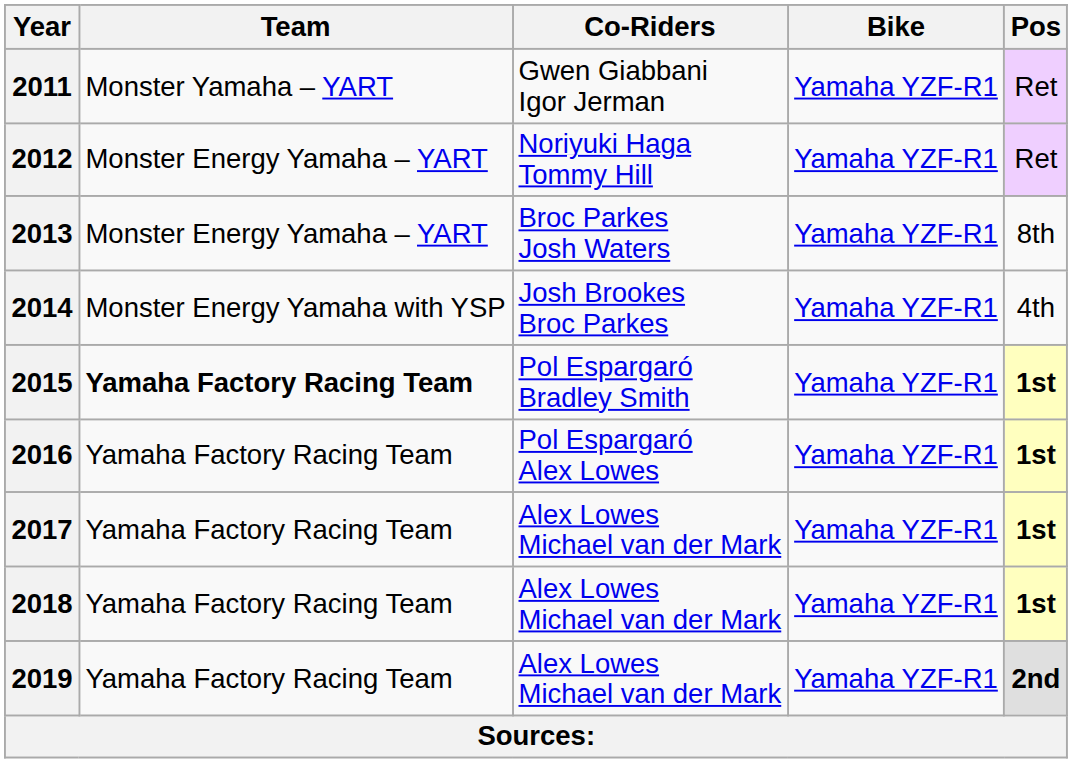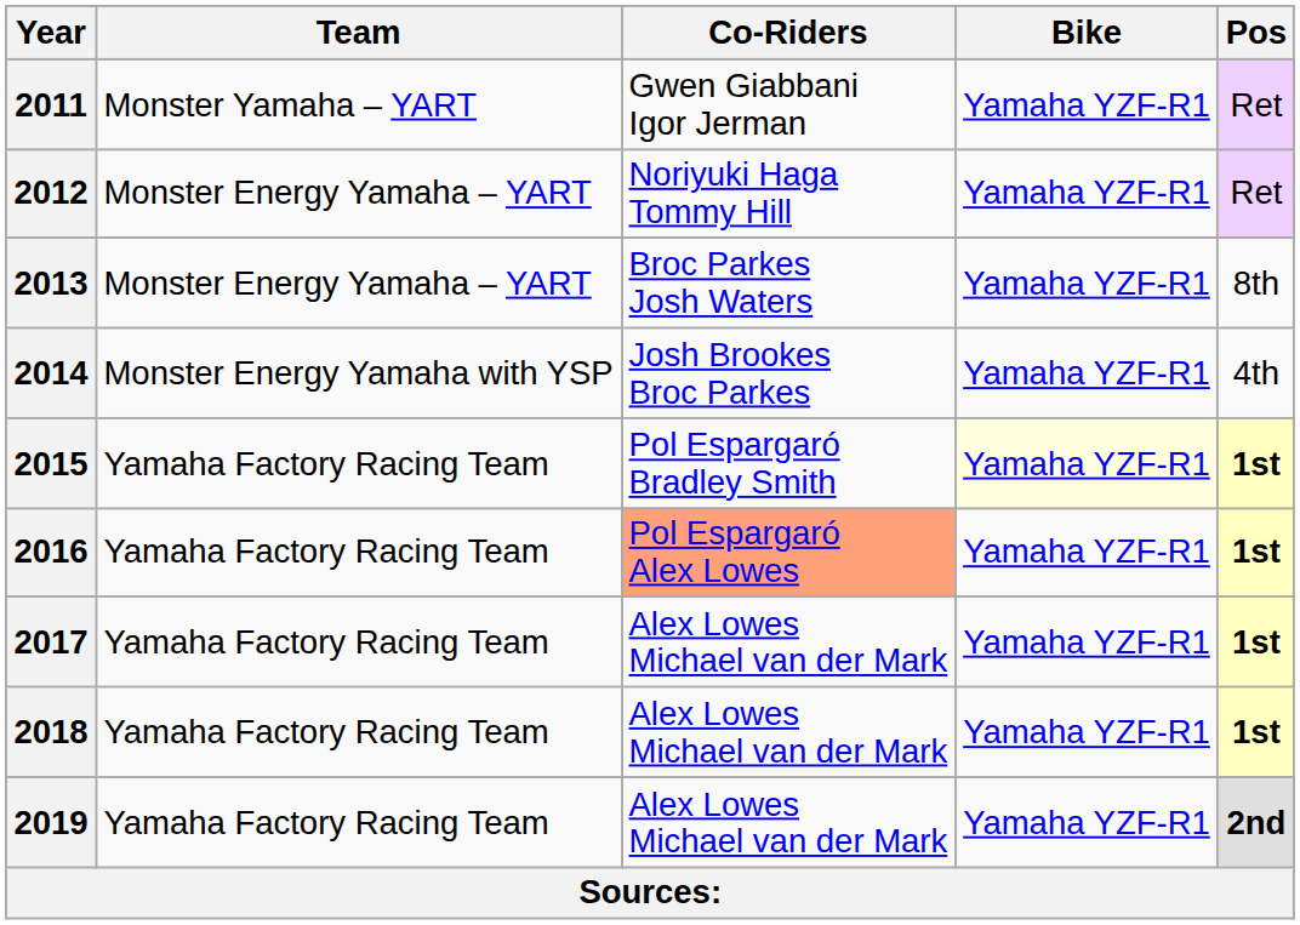 <table class="wikitable" style="font-size:90%">
 <tr>
 <th>Year</th>
 <th>Team</th>
 <th>Co-Riders</th>
 <th>Bike</th>
 <th>Pos</th>
 </tr>
 <tr>
 <th>2011</th>
 <td> Monster Yamaha – <a href='#'>YART</a></td>
 <td> Gwen Giabbani<br> Igor Jerman</td>
 <td><a href='#'>Yamaha YZF-R1</a></td>
 <td style="background:#efcfff;" align=center>Ret</td>
 </tr>
 <tr>
 <th>2012</th>
 <td> Monster Energy Yamaha – <a href='#'>YART</a></td>
 <td> <a href='#'>Noriyuki Haga</a><br> <a href='#'>Tommy Hill</a></td>
 <td><a href='#'>Yamaha YZF-R1</a></td>
 <td style="background:#efcfff;" align=center>Ret</td>
 </tr>
 <tr>
 <th>2013</th>
 <td> Monster Energy Yamaha – <a href='#'>YART</a></td>
 <td> <a href='#'>Broc Parkes</a><br> <a href='#'>Josh Waters</a></td>
 <td><a href='#'>Yamaha YZF-R1</a></td>
 <td align=center>8th</td>
 </tr>
 <tr>
 <th>2014</th>
 <td> Monster Energy Yamaha with YSP</td>
 <td> <a href='#'>Josh Brookes</a><br> <a href='#'>Broc Parkes</a></td>
 <td><a href='#'>Yamaha YZF-R1</a></td>
 <td align=center>4th</td>
 </tr>
 <tr>
 <th>2015</th>
-<td><strong> Yamaha Factory Racing Team</strong></td>
+<td> Yamaha Factory Racing Team</td>
 <td> <a href='#'>Pol Espargaró</a><br> <a href='#'>Bradley Smith</a></td>
-<td><a href='#'>Yamaha YZF-R1</a></td>
+<td style="background: lightyellow;"><a href='#'>Yamaha YZF-R1</a></td>
 <th style="background:#FFFFBF;">1st</th>
 </tr>
 <tr>
 <th>2016</th>
 <td> Yamaha Factory Racing Team</td>
-<td> <a href='#'>Pol Espargaró</a><br> <a href='#'>Alex Lowes</a></td>
+<td style="background: lightsalmon;"> <a href='#'>Pol Espargaró</a><br> <a href='#'>Alex Lowes</a></td>
 <td><a href='#'>Yamaha YZF-R1</a></td>
 <th style="background:#FFFFBF;">1st</th>
 </tr>
 <tr>
 <th>2017</th>
 <td> Yamaha Factory Racing Team</td>
 <td> <a href='#'>Alex Lowes</a><br> <a href='#'>Michael van der Mark</a></td>
 <td><a href='#'>Yamaha YZF-R1</a></td>
 <th style="background:#FFFFBF;">1st</th>
 </tr>
 <tr>
 <th>2018</th>
 <td> Yamaha Factory Racing Team</td>
 <td> <a href='#'>Alex Lowes</a><br> <a href='#'>Michael van der Mark</a></td>
 <td><a href='#'>Yamaha YZF-R1</a></td>
 <th style="background:#FFFFBF;">1st</th>
 </tr>
 <tr>
 <th>2019</th>
 <td> Yamaha Factory Racing Team</td>
 <td> <a href='#'>Alex Lowes</a><br> <a href='#'>Michael van der Mark</a></td>
 <td><a href='#'>Yamaha YZF-R1</a></td>
 <th style="background:#DFDFDF;">2nd</th>
 </tr>
 <tr>
 <th colspan=5>Sources:</th>
 </tr>
 </table>
